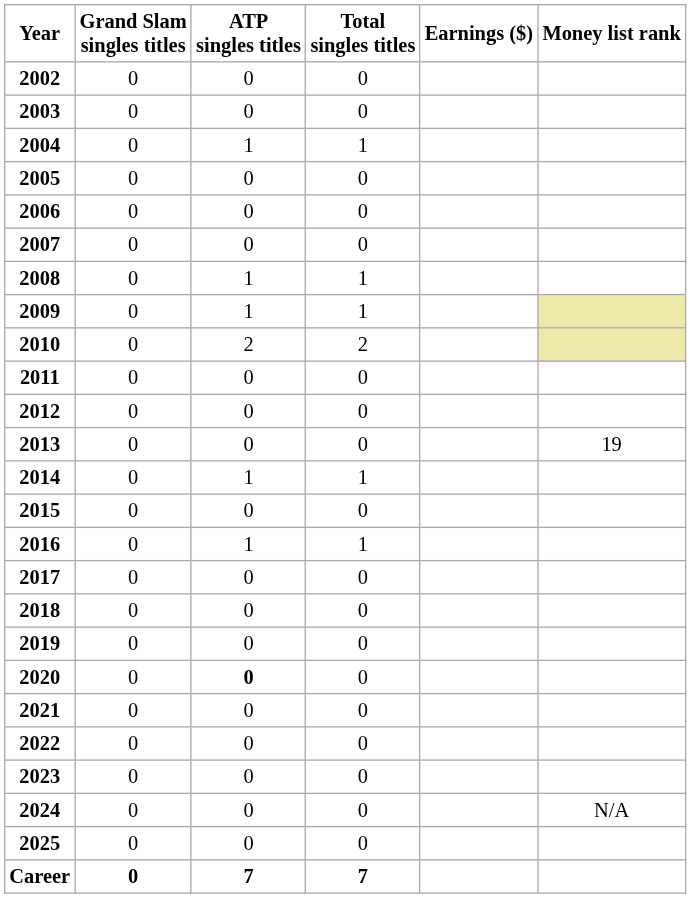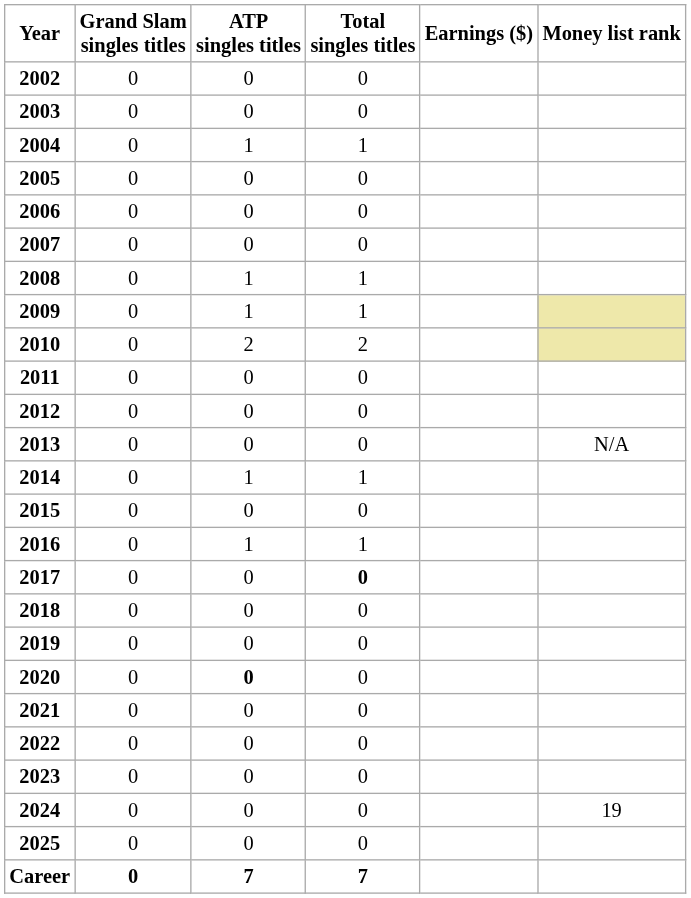 <table cellpadding=3 cellspacing=0 border=1 style=font-align:centre;border:#aaa;solid:1;border-collapse:collapse;text-align:center;font-size:96%>
 <tr>
 <th>Year</th>
 <th>Grand Slam<br>singles titles</th>
 <th>ATP <br>singles titles</th>
 <th>Total<br>singles titles</th>
 <th>Earnings ($)</th>
 <th>Money list rank</th>
 </tr>
 <tr>
 <th>2002</th>
 <td>0</td>
 <td>0</td>
 <td>0</td>
 <td align=right></td>
 <td></td>
 </tr>
 <tr>
 <th>2003</th>
 <td>0</td>
 <td>0</td>
 <td>0</td>
 <td align=right></td>
 <td></td>
 </tr>
 <tr>
 <th>2004</th>
 <td>0</td>
 <td>1</td>
 <td>1</td>
 <td align=right></td>
 <td></td>
 </tr>
 <tr>
 <th>2005</th>
 <td>0</td>
 <td>0</td>
 <td>0</td>
 <td align=right></td>
 <td></td>
 </tr>
 <tr>
 <th>2006</th>
 <td>0</td>
 <td>0</td>
 <td>0</td>
 <td align=right></td>
 <td></td>
 </tr>
 <tr>
 <th>2007</th>
 <td>0</td>
 <td>0</td>
 <td>0</td>
 <td align=right></td>
 <td></td>
 </tr>
 <tr>
 <th>2008</th>
 <td>0</td>
 <td>1</td>
 <td>1</td>
 <td align=right></td>
 <td></td>
 </tr>
 <tr>
 <th>2009</th>
 <td>0</td>
 <td>1</td>
 <td>1</td>
 <td align=right></td>
 <td bgcolor=eee8aa></td>
 </tr>
 <tr>
 <th>2010</th>
 <td>0</td>
 <td>2</td>
 <td>2</td>
 <td align=right></td>
 <td bgcolor=eee8aa></td>
 </tr>
 <tr>
 <th>2011</th>
 <td>0</td>
 <td>0</td>
 <td>0</td>
 <td align=right></td>
 <td></td>
 </tr>
 <tr>
 <th>2012</th>
 <td>0</td>
 <td>0</td>
 <td>0</td>
 <td align=right></td>
 <td></td>
 </tr>
 <tr>
 <th>2013</th>
 <td>0</td>
 <td>0</td>
 <td>0</td>
 <td align=right></td>
-<td>19</td>
+<td>N/A</td>
 </tr>
 <tr>
 <th>2014</th>
 <td>0</td>
 <td>1</td>
 <td>1</td>
 <td align=right></td>
 <td></td>
 </tr>
 <tr>
 <th>2015</th>
 <td>0</td>
 <td>0</td>
 <td>0</td>
 <td align=right></td>
 <td></td>
 </tr>
 <tr>
 <th>2016</th>
 <td>0</td>
 <td>1</td>
 <td>1</td>
 <td align=right></td>
 <td></td>
 </tr>
 <tr>
 <th>2017</th>
 <td>0</td>
 <td>0</td>
-<td>0</td>
+<td><strong>0</strong></td>
 <td align=right></td>
 <td></td>
 </tr>
 <tr>
 <th>2018</th>
 <td>0</td>
 <td>0</td>
 <td>0</td>
 <td align=right></td>
 <td></td>
 </tr>
 <tr>
 <th>2019</th>
 <td>0</td>
 <td>0</td>
 <td>0</td>
 <td align=right></td>
 <td></td>
 </tr>
 <tr>
 <th>2020</th>
 <td>0</td>
 <td><strong>0</strong></td>
 <td>0</td>
 <td align=right></td>
 <td></td>
 </tr>
 <tr>
 <th>2021</th>
 <td>0</td>
 <td>0</td>
 <td>0</td>
 <td align=right></td>
 <td></td>
 </tr>
 <tr>
 <th>2022</th>
 <td>0</td>
 <td>0</td>
 <td>0</td>
 <td align=right></td>
 <td></td>
 </tr>
 <tr>
 <th>2023</th>
 <td>0</td>
 <td>0</td>
 <td>0</td>
 <td align=right></td>
 <td></td>
 </tr>
 <tr>
 <th>2024</th>
 <td>0</td>
 <td>0</td>
 <td>0</td>
 <td align=right></td>
-<td>N/A</td>
+<td>19</td>
 </tr>
 <tr>
 <th>2025</th>
 <td>0</td>
 <td>0</td>
 <td>0</td>
 <td align=right></td>
 <td></td>
 </tr>
 <tr>
 <th>Career</th>
 <th>0</th>
 <th>7</th>
 <th>7</th>
 <th></th>
 <th></th>
 </tr>
 </table>
